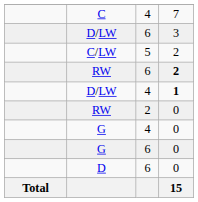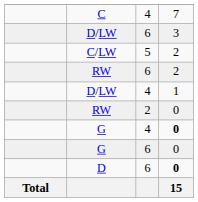 <table class="wikitable sortable" width ="40%">
 <tr align="center">
 </tr>
 <tr align="center" bgcolor="">
 <td></td>
 <td><a href='#'>C</a></td>
 <td>4</td>
 <td>7</td>
 </tr>
 <tr align="center" bgcolor="f0f0f0">
 <td></td>
 <td><a href='#'>D</a>/<a href='#'>LW</a></td>
 <td>6</td>
 <td>3</td>
 </tr>
 <tr align="center" bgcolor="">
 <td></td>
 <td><a href='#'>C</a>/<a href='#'>LW</a></td>
 <td>5</td>
 <td>2</td>
 </tr>
 <tr align="center" bgcolor="f0f0f0">
 <td></td>
 <td><a href='#'>RW</a></td>
 <td>6</td>
-<td><strong>2</strong></td>
+<td>2</td>
 </tr>
 <tr align="center" bgcolor="">
 <td></td>
 <td><a href='#'>D</a>/<a href='#'>LW</a></td>
 <td>4</td>
-<td><strong>1</strong></td>
+<td>1</td>
 </tr>
 <tr align="center" bgcolor="f0f0f0">
 <td></td>
 <td><a href='#'>RW</a></td>
 <td>2</td>
 <td>0</td>
 </tr>
 <tr align="center" bgcolor="">
 <td></td>
 <td><a href='#'>G</a></td>
 <td>4</td>
-<td>0</td>
+<td><strong>0</strong></td>
 </tr>
 <tr align="center" bgcolor="f0f0f0">
 <td></td>
 <td><a href='#'>G</a></td>
 <td>6</td>
 <td>0</td>
 </tr>
 <tr align="center" bgcolor="">
 <td></td>
 <td><a href='#'>D</a></td>
 <td>6</td>
-<td>0</td>
+<td><strong>0</strong></td>
 </tr>
 <tr>
 <th>Total</th>
 <th></th>
 <th></th>
 <th>15</th>
 </tr>
 </table>
